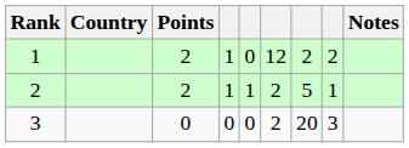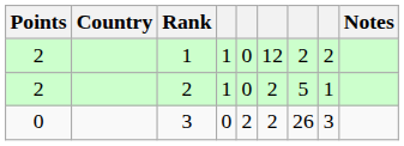 <table class="wikitable sortable" style="text-align: center;">
 <tr>
+<th>Points</th>
+<th>Country</th>
 <th>Rank</th>
-<th>Country</th>
-<th>Points</th>
 <th></th>
 <th></th>
 <th></th>
 <th></th>
 <th></th>
 <th>Notes</th>
 </tr>
 <tr style="background:#cfc;">
+<td>2</td>
+<td align=left></td>
 <td>1</td>
-<td align=left></td>
-<td>2</td>
 <td>1</td>
 <td>0</td>
 <td>12</td>
 <td>2</td>
 <td>2</td>
 <td></td>
 </tr>
 <tr style="background:#cfc;">
 <td>2</td>
 <td align=left></td>
 <td>2</td>
 <td>1</td>
-<td>1</td>
+<td>0</td>
 <td>2</td>
 <td>5</td>
 <td>1</td>
 <td></td>
 </tr>
 <tr>
+<td>0</td>
+<td align=left></td>
 <td>3</td>
-<td align=left></td>
-<td>0</td>
-<td>0</td>
 <td>0</td>
 <td>2</td>
-<td>20</td>
+<td>2</td>
+<td>26</td>
 <td>3</td>
 <td></td>
 </tr>
 </table>
